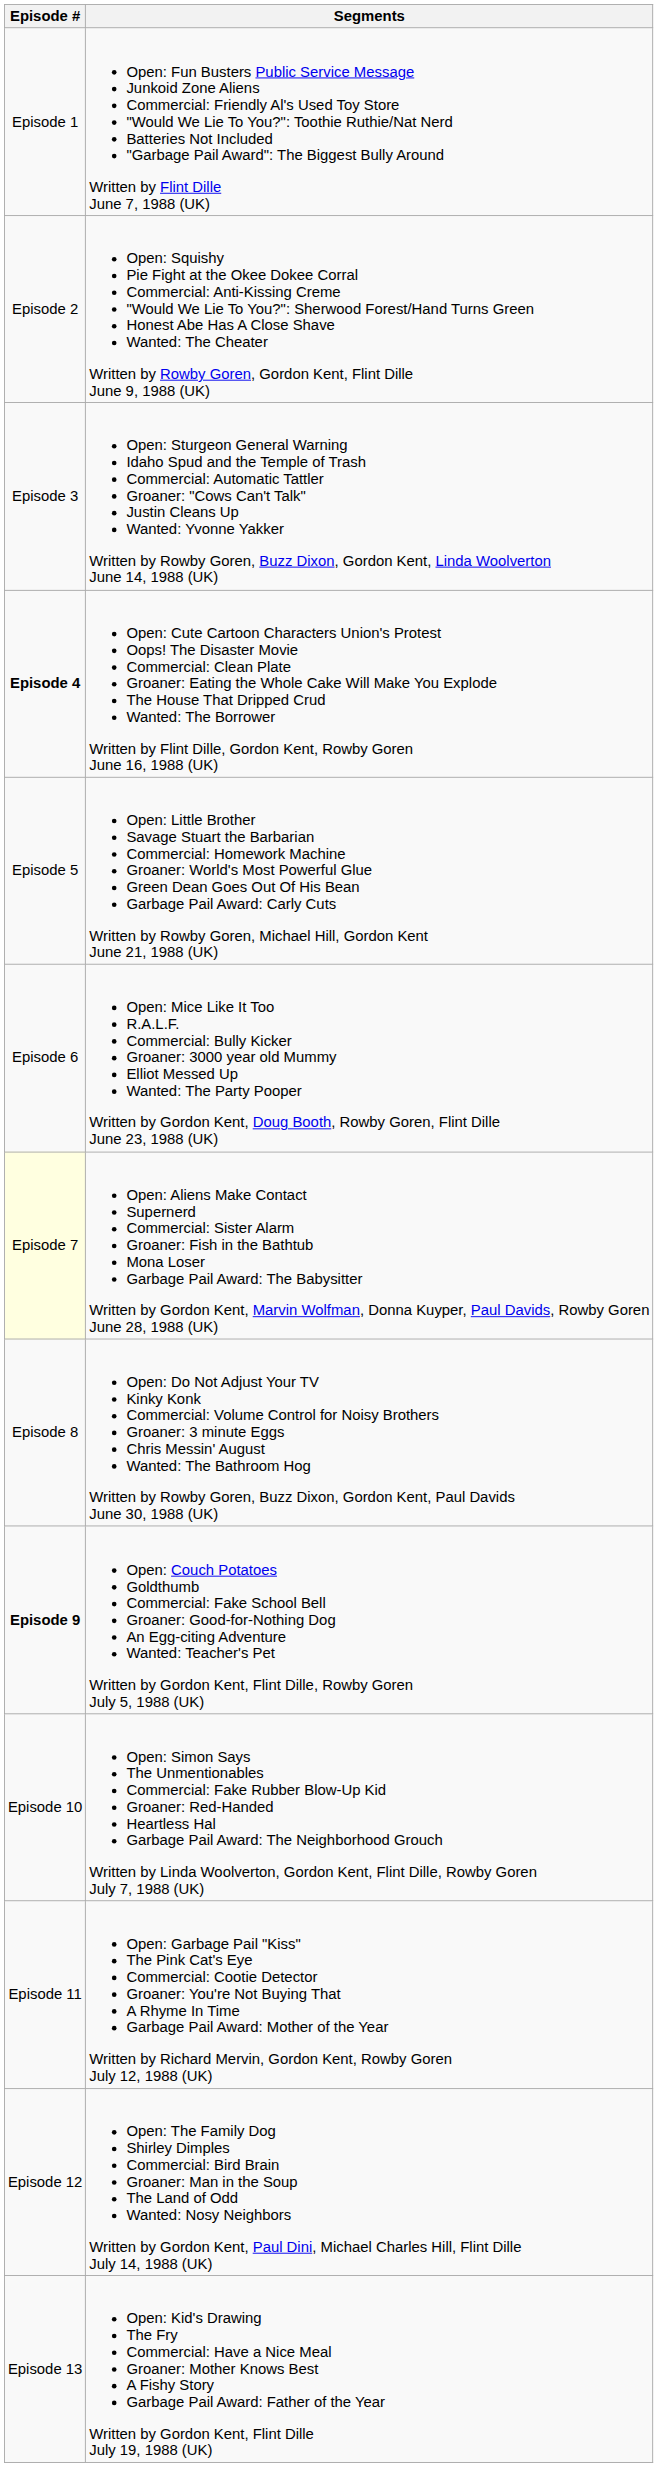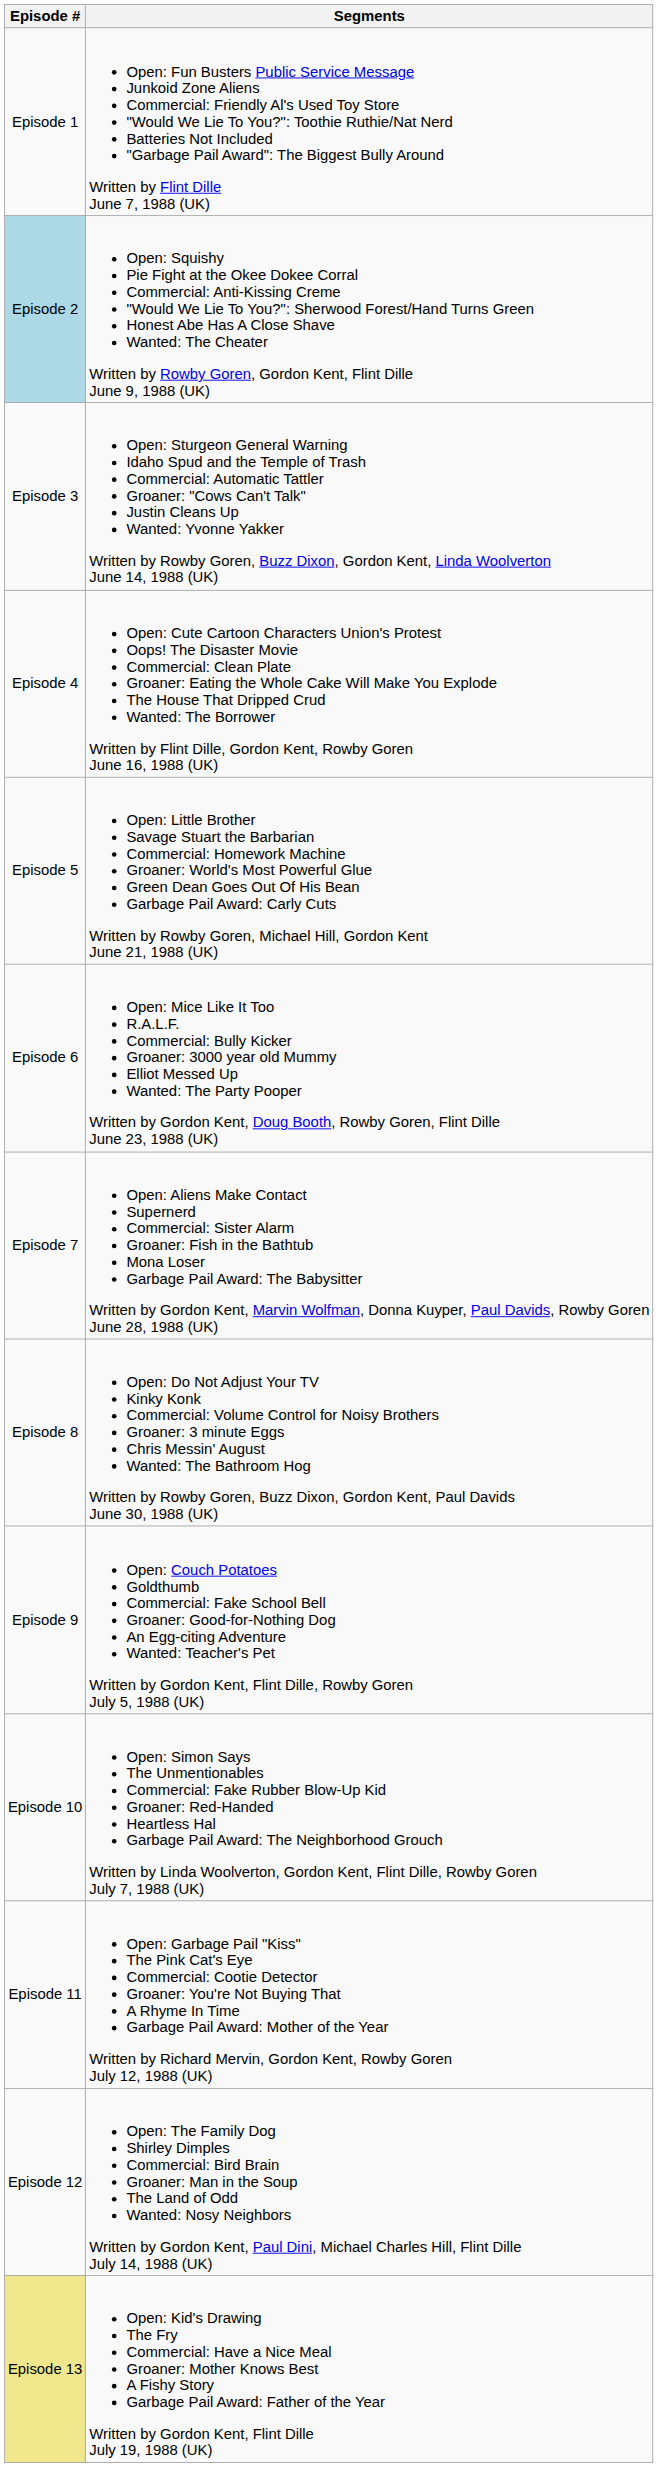 <table class="wikitable">
 <tr>
 <th>Episode #</th>
 <th>Segments</th>
 </tr>
 <tr>
 <td align="center">Episode 1</td>
 <td><br><ul><li>Open: Fun Busters <a href='#'>Public Service Message</a></li><li>Junkoid Zone Aliens</li><li>Commercial:  Friendly Al's Used Toy Store</li><li>"Would We Lie To You?": Toothie Ruthie/Nat Nerd</li><li>Batteries Not Included</li><li>"Garbage Pail Award": The Biggest Bully Around</li></ul>Written by <a href='#'>Flint Dille</a><br>June 7, 1988 (UK)</td>
 </tr>
 <tr>
-<td align="center">Episode 2</td>
+<td align="center" style="background: lightblue;">Episode 2</td>
 <td><br><ul><li>Open: Squishy</li><li>Pie Fight at the Okee Dokee Corral</li><li>Commercial:  Anti-Kissing Creme</li><li>"Would We Lie To You?": Sherwood Forest/Hand Turns Green</li><li>Honest Abe Has A Close Shave</li><li>Wanted: The Cheater</li></ul>Written by <a href='#'>Rowby Goren</a>, Gordon Kent, Flint Dille<br> June 9, 1988 (UK)</td>
 </tr>
 <tr>
 <td align="center">Episode 3</td>
 <td><br><ul><li>Open: Sturgeon General Warning</li><li>Idaho Spud and the Temple of Trash</li><li>Commercial:  Automatic Tattler</li><li>Groaner: "Cows Can't Talk"</li><li>Justin Cleans Up</li><li>Wanted: Yvonne Yakker</li></ul>Written by Rowby Goren, <a href='#'>Buzz Dixon</a>, Gordon Kent, <a href='#'>Linda Woolverton</a> <br> June 14, 1988 (UK)</td>
 </tr>
 <tr>
-<td align="center"><strong>Episode 4</strong></td>
+<td align="center">Episode 4</td>
 <td><br><ul><li>Open: Cute Cartoon Characters Union's Protest</li><li>Oops! The Disaster Movie</li><li>Commercial: Clean Plate</li><li>Groaner: Eating the Whole Cake Will Make You Explode</li><li>The House That Dripped Crud</li><li>Wanted: The Borrower</li></ul>Written by Flint Dille, Gordon Kent, Rowby Goren <br> June 16, 1988 (UK)</td>
 </tr>
 <tr>
 <td align="center">Episode 5</td>
 <td><br><ul><li>Open: Little Brother</li><li>Savage Stuart the Barbarian</li><li>Commercial: Homework Machine</li><li>Groaner: World's Most Powerful Glue</li><li>Green Dean Goes Out Of His Bean</li><li>Garbage Pail Award: Carly Cuts</li></ul>Written by Rowby Goren, Michael Hill, Gordon Kent <br> June 21, 1988 (UK)</td>
 </tr>
 <tr>
 <td align="center">Episode 6</td>
 <td><br><ul><li>Open: Mice Like It Too</li><li>R.A.L.F.</li><li>Commercial: Bully Kicker</li><li>Groaner: 3000 year old Mummy</li><li>Elliot Messed Up</li><li>Wanted: The Party Pooper</li></ul>Written by Gordon Kent, <a href='#'>Doug Booth</a>, Rowby Goren, Flint Dille <br> June 23, 1988 (UK)</td>
 </tr>
 <tr>
-<td align="center" style="background: lightyellow;">Episode 7</td>
+<td align="center">Episode 7</td>
 <td><br><ul><li>Open: Aliens Make Contact</li><li>Supernerd</li><li>Commercial: Sister Alarm</li><li>Groaner: Fish in the Bathtub</li><li>Mona Loser</li><li>Garbage Pail Award: The Babysitter</li></ul>Written by Gordon Kent, <a href='#'>Marvin Wolfman</a>, Donna Kuyper, <a href='#'>Paul Davids</a>, Rowby Goren <br> June 28, 1988 (UK)</td>
 </tr>
 <tr>
 <td align="center">Episode 8</td>
 <td><br><ul><li>Open: Do Not Adjust Your TV</li><li>Kinky Konk</li><li>Commercial: Volume Control for Noisy Brothers</li><li>Groaner: 3 minute Eggs</li><li>Chris Messin' August</li><li>Wanted: The Bathroom Hog</li></ul>Written by Rowby Goren, Buzz Dixon, Gordon Kent, Paul Davids <br> June 30, 1988 (UK)</td>
 </tr>
 <tr>
-<td align="center"><strong>Episode 9</strong></td>
+<td align="center">Episode 9</td>
 <td><br><ul><li>Open: <a href='#'>Couch Potatoes</a></li><li>Goldthumb</li><li>Commercial: Fake School Bell</li><li>Groaner: Good-for-Nothing Dog</li><li>An Egg-citing Adventure</li><li>Wanted: Teacher's Pet</li></ul>Written by Gordon Kent, Flint Dille, Rowby Goren <br> July 5, 1988 (UK)</td>
 </tr>
 <tr>
 <td align="center">Episode 10</td>
 <td><br><ul><li>Open: Simon Says</li><li>The Unmentionables</li><li>Commercial: Fake Rubber Blow-Up Kid</li><li>Groaner: Red-Handed</li><li>Heartless Hal</li><li>Garbage Pail Award: The Neighborhood Grouch</li></ul>Written by Linda Woolverton, Gordon Kent, Flint Dille, Rowby Goren <br> July 7, 1988 (UK)</td>
 </tr>
 <tr>
 <td align="center">Episode 11</td>
 <td><br><ul><li>Open: Garbage Pail "Kiss"</li><li>The Pink Cat's Eye</li><li>Commercial:  Cootie Detector</li><li>Groaner: You're Not Buying That</li><li>A Rhyme In Time</li><li>Garbage Pail Award: Mother of the Year</li></ul>Written by Richard Mervin, Gordon Kent, Rowby Goren <br> July 12, 1988 (UK)</td>
 </tr>
 <tr>
 <td align="center">Episode 12</td>
 <td><br><ul><li>Open: The Family Dog</li><li>Shirley Dimples</li><li>Commercial: Bird Brain</li><li>Groaner: Man in the Soup</li><li>The Land of Odd</li><li>Wanted: Nosy Neighbors</li></ul>Written by Gordon Kent, <a href='#'>Paul Dini</a>, Michael Charles Hill, Flint Dille <br> July 14, 1988 (UK)</td>
 </tr>
 <tr>
-<td align="center">Episode 13</td>
+<td align="center" style="background: khaki;">Episode 13</td>
 <td><br><ul><li>Open: Kid's Drawing</li><li>The Fry</li><li>Commercial: Have a Nice Meal</li><li>Groaner: Mother Knows Best</li><li>A Fishy Story</li><li>Garbage Pail Award: Father of the Year</li></ul>Written by Gordon Kent, Flint Dille <br> July 19, 1988 (UK)</td>
 </tr>
 </table>
